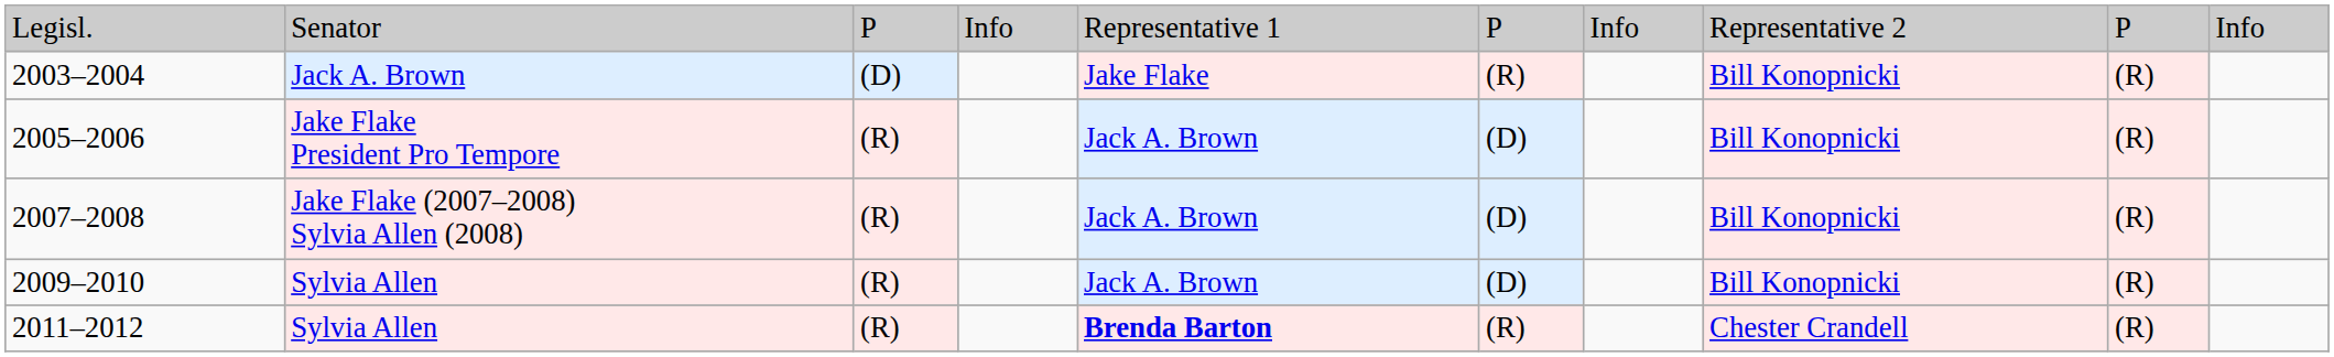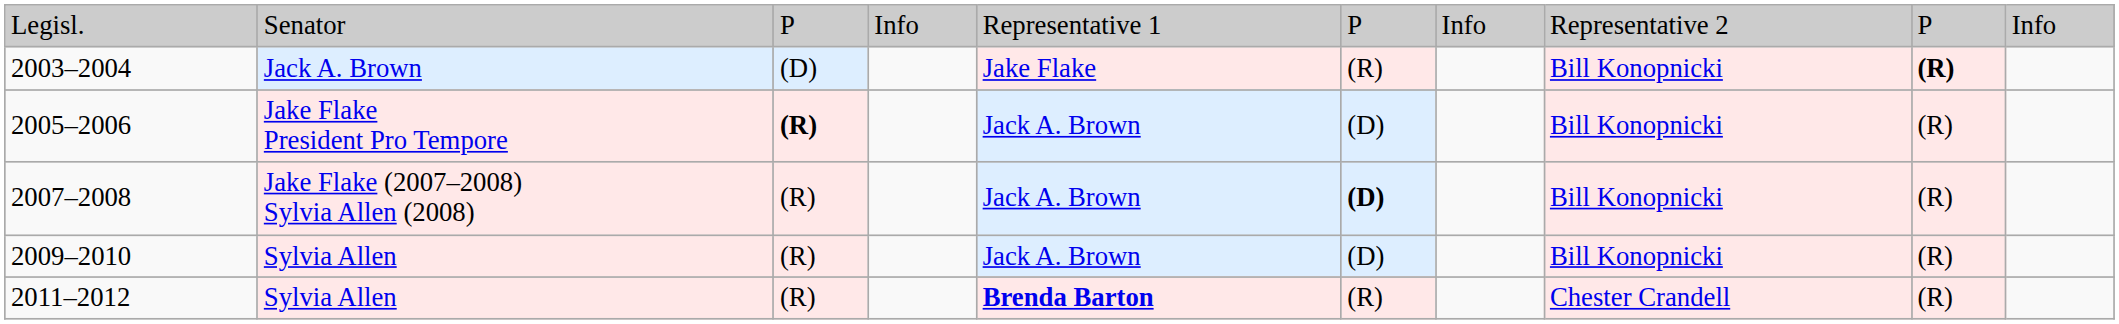 <table class=wikitable width="100%" border="1">
 <tr style="background-color:#cccccc;">
 <td>Legisl.</td>
 <td>Senator</td>
 <td>P</td>
 <td>Info</td>
 <td>Representative 1</td>
 <td>P</td>
 <td>Info</td>
 <td>Representative 2</td>
 <td>P</td>
 <td>Info</td>
 </tr>
 <tr>
 <td>2003–2004</td>
 <td style="background:#DDEEFF"><a href='#'>Jack A. Brown</a></td>
 <td style="background:#DDEEFF">(D)</td>
 <td></td>
 <td style="background:#FFE8E8"><a href='#'>Jake Flake</a></td>
 <td style="background:#FFE8E8">(R)</td>
 <td></td>
 <td style="background:#FFE8E8"><a href='#'>Bill Konopnicki</a></td>
-<td style="background:#FFE8E8">(R)</td>
+<td style="background:#FFE8E8"><strong>(R)</strong></td>
 <td></td>
 </tr>
 <tr>
 <td>2005–2006</td>
 <td style="background:#FFE8E8"><a href='#'>Jake Flake</a> <br><a href='#'>President Pro Tempore</a></td>
-<td style="background:#FFE8E8">(R)</td>
+<td style="background:#FFE8E8"><strong>(R)</strong></td>
 <td></td>
 <td style="background:#DDEEFF"><a href='#'>Jack A. Brown</a></td>
 <td style="background:#DDEEFF">(D)</td>
 <td></td>
 <td style="background:#FFE8E8"><a href='#'>Bill Konopnicki</a></td>
 <td style="background:#FFE8E8">(R)</td>
 <td></td>
 </tr>
 <tr>
 <td>2007–2008</td>
 <td style="background:#FFE8E8"><a href='#'>Jake Flake</a> (2007–2008)<br><a href='#'>Sylvia Allen</a> (2008)</td>
 <td style="background:#FFE8E8">(R)</td>
 <td></td>
 <td style="background:#DDEEFF"><a href='#'>Jack A. Brown</a></td>
-<td style="background:#DDEEFF">(D)</td>
+<td style="background:#DDEEFF"><strong>(D)</strong></td>
 <td></td>
 <td style="background:#FFE8E8"><a href='#'>Bill Konopnicki</a></td>
 <td style="background:#FFE8E8">(R)</td>
 <td></td>
 </tr>
 <tr>
 <td>2009–2010</td>
 <td style="background:#FFE8E8"><a href='#'>Sylvia Allen</a></td>
 <td style="background:#FFE8E8">(R)</td>
 <td></td>
 <td style="background:#DDEEFF"><a href='#'>Jack A. Brown</a></td>
 <td style="background:#DDEEFF">(D)</td>
 <td></td>
 <td style="background:#FFE8E8"><a href='#'>Bill Konopnicki</a></td>
 <td style="background:#FFE8E8">(R)</td>
 <td></td>
 </tr>
 <tr>
 <td>2011–2012</td>
 <td style="background:#FFE8E8"><a href='#'>Sylvia Allen</a></td>
 <td style="background:#FFE8E8">(R)</td>
 <td></td>
 <td style="background:#FFE8E8"><strong><a href='#'>Brenda Barton</a></strong></td>
 <td style="background:#FFE8E8">(R)</td>
 <td></td>
 <td style="background:#FFE8E8"><a href='#'>Chester Crandell</a></td>
 <td style="background:#FFE8E8">(R)</td>
 <td></td>
 </tr>
 </table>
